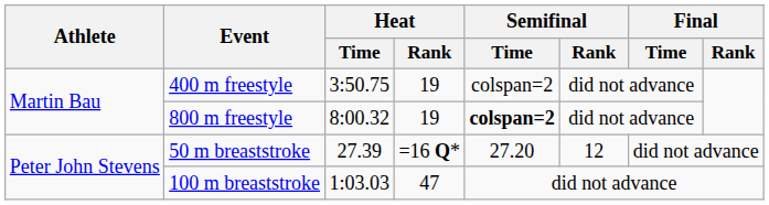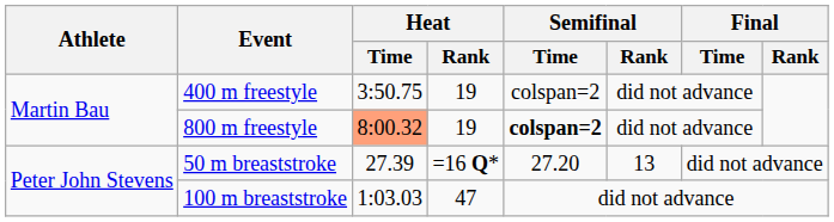 <table class=wikitable style="font-size:90%">
 <tr>
 <th rowspan="2">Athlete</th>
 <th rowspan="2">Event</th>
 <th colspan="2">Heat</th>
 <th colspan="2">Semifinal</th>
 <th colspan="2">Final</th>
 </tr>
 <tr style="font-size:95%">
 <th>Time</th>
 <th>Rank</th>
 <th>Time</th>
 <th>Rank</th>
 <th>Time</th>
 <th>Rank</th>
 </tr>
 <tr align=center>
 <td align=left rowspan=2><a href='#'>Martin Bau</a></td>
 <td align=left><a href='#'>400 m freestyle</a></td>
 <td>3:50.75</td>
 <td>19</td>
 <td>colspan=2 </td>
 <td colspan=2>did not advance</td>
 </tr>
 <tr align=center>
 <td align=left><a href='#'>800 m freestyle</a></td>
-<td>8:00.32</td>
+<td style="background: lightsalmon;">8:00.32</td>
 <td>19</td>
 <td><strong>colspan=2 </strong></td>
 <td colspan=2>did not advance</td>
 </tr>
 <tr align=center>
 <td align=left rowspan=2><a href='#'>Peter John Stevens</a></td>
 <td align=left><a href='#'>50 m breaststroke</a></td>
 <td>27.39</td>
 <td>=16 <strong>Q</strong>*</td>
 <td>27.20</td>
-<td>12</td>
+<td>13</td>
 <td colspan=2>did not advance</td>
 </tr>
 <tr align=center>
 <td align=left><a href='#'>100 m breaststroke</a></td>
 <td>1:03.03</td>
 <td>47</td>
 <td colspan=4>did not advance</td>
 </tr>
 </table>
